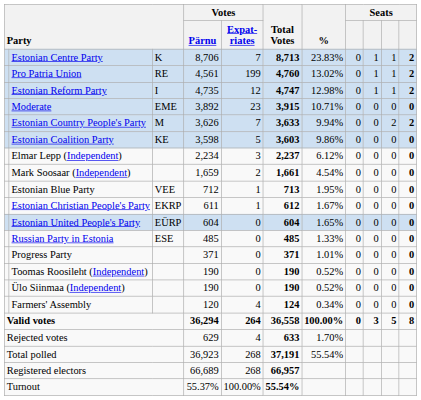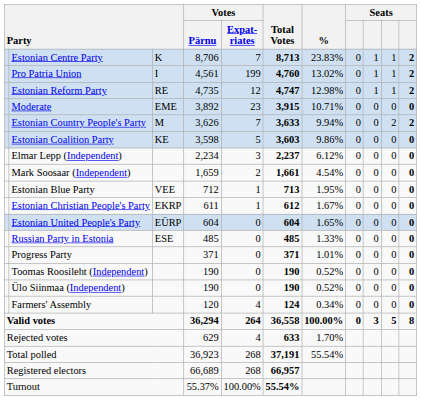 <table class="wikitable" border="1" style="text-align:right;">
 <tr>
 <th style="text-align:left;" valign=bottom rowspan=2 colspan=3>Party</th>
 <th colspan=2>Votes</th>
 <th align=center valign=bottom rowspan=2 width="50">Total Votes</th>
 <th align=center valign=bottom rowspan=2 width="50">%</th>
 <th colspan=4>Seats</th>
 </tr>
 <tr>
 <th align=center valign=bottom width="50"><a href='#'>Pärnu</a></th>
 <th align=center valign=bottom width="50"><a href='#'>Expat- riates</a></th>
 <th align=center valign=bottom width="20"><small></small></th>
 <th align=center valign=bottom width="20"><small></small></th>
 <th align=center valign=bottom width="20"><small></small></th>
 <th align=center valign=bottom width="20"><small></small></th>
 </tr>
 <tr style="background:#CEE0F2;">
 <td style="background:"></td>
 <td align=left><a href='#'>Estonian Centre Party</a></td>
 <td align=left>K</td>
 <td>8,706</td>
 <td>7</td>
 <td><strong>8,713</strong></td>
 <td>23.83%</td>
 <td>0</td>
 <td>1</td>
 <td>1</td>
 <td><strong>2</strong></td>
 </tr>
 <tr style="background:#CEE0F2;">
 <td style="background:"></td>
 <td align=left><a href='#'>Pro Patria Union</a></td>
-<td align=left>RE</td>
+<td align=left>I</td>
 <td>4,561</td>
 <td>199</td>
 <td><strong>4,760</strong></td>
 <td>13.02%</td>
 <td>0</td>
 <td>1</td>
 <td>1</td>
 <td><strong>2</strong></td>
 </tr>
 <tr style="background:#CEE0F2;">
 <td style="background:"></td>
 <td align=left><a href='#'>Estonian Reform Party</a></td>
-<td align=left>I</td>
+<td align=left>RE</td>
 <td>4,735</td>
 <td>12</td>
 <td><strong>4,747</strong></td>
 <td>12.98%</td>
 <td>0</td>
 <td>1</td>
 <td>1</td>
 <td><strong>2</strong></td>
 </tr>
 <tr style="background:#CEE0F2;">
 <td style="background:"></td>
 <td align=left><a href='#'>Moderate</a></td>
 <td align=left>EME</td>
 <td>3,892</td>
 <td>23</td>
 <td><strong>3,915</strong></td>
 <td>10.71%</td>
 <td>0</td>
 <td>0</td>
 <td>0</td>
 <td><strong>0</strong></td>
 </tr>
 <tr style="background:#CEE0F2;">
 <td style="background:"></td>
 <td align=left><a href='#'>Estonian Country People's Party</a></td>
 <td align=left>M</td>
 <td>3,626</td>
 <td>7</td>
 <td><strong>3,633</strong></td>
 <td>9.94%</td>
 <td>0</td>
 <td>0</td>
 <td>2</td>
 <td><strong>2</strong></td>
 </tr>
 <tr style="background:#CEE0F2;">
 <td style="background:"></td>
 <td align=left><a href='#'>Estonian Coalition Party</a></td>
 <td align=left>KE</td>
 <td>3,598</td>
 <td>5</td>
 <td><strong>3,603</strong></td>
 <td>9.86%</td>
 <td>0</td>
 <td>0</td>
 <td>0</td>
 <td><strong>0</strong></td>
 </tr>
 <tr>
 <td style="background:"></td>
 <td align=left>Elmar Lepp (<a href='#'>Independent</a>)</td>
 <td></td>
 <td>2,234</td>
 <td>3</td>
 <td><strong>2,237</strong></td>
 <td>6.12%</td>
 <td>0</td>
 <td>0</td>
 <td>0</td>
 <td><strong>0</strong></td>
 </tr>
 <tr>
 <td style="background:"></td>
 <td align=left>Mark Soosaar (<a href='#'>Independent</a>)</td>
 <td></td>
 <td>1,659</td>
 <td>2</td>
 <td><strong>1,661</strong></td>
 <td>4.54%</td>
 <td>0</td>
 <td>0</td>
 <td>0</td>
 <td><strong>0</strong></td>
 </tr>
 <tr>
 <td></td>
 <td align=left>Estonian Blue Party</td>
 <td align=left>VEE</td>
 <td>712</td>
 <td>1</td>
 <td><strong>713</strong></td>
 <td>1.95%</td>
 <td>0</td>
 <td>0</td>
 <td>0</td>
 <td><strong>0</strong></td>
 </tr>
 <tr>
 <td style="background:"></td>
 <td align=left><a href='#'>Estonian Christian People's Party</a></td>
 <td align=left>EKRP</td>
 <td>611</td>
 <td>1</td>
 <td><strong>612</strong></td>
 <td>1.67%</td>
 <td>0</td>
 <td>0</td>
 <td>0</td>
 <td><strong>0</strong></td>
 </tr>
 <tr style="background:#CEE0F2;">
 <td style="background:"></td>
 <td align=left><a href='#'>Estonian United People's Party</a></td>
 <td align=left>EÜRP</td>
 <td>604</td>
 <td>0</td>
 <td><strong>604</strong></td>
 <td>1.65%</td>
 <td>0</td>
 <td>0</td>
 <td>0</td>
 <td><strong>0</strong></td>
 </tr>
 <tr>
 <td></td>
 <td align=left><a href='#'>Russian Party in Estonia</a></td>
 <td align=left>ESE</td>
 <td>485</td>
 <td>0</td>
 <td><strong>485</strong></td>
 <td>1.33%</td>
 <td>0</td>
 <td>0</td>
 <td>0</td>
 <td><strong>0</strong></td>
 </tr>
 <tr>
 <td></td>
 <td align=left>Progress Party</td>
 <td></td>
 <td>371</td>
 <td>0</td>
 <td><strong>371</strong></td>
 <td>1.01%</td>
 <td>0</td>
 <td>0</td>
 <td>0</td>
 <td><strong>0</strong></td>
 </tr>
 <tr>
 <td style="background:"></td>
 <td align=left>Toomas Roosileht (<a href='#'>Independent</a>)</td>
 <td></td>
 <td>190</td>
 <td>0</td>
 <td><strong>190</strong></td>
 <td>0.52%</td>
 <td>0</td>
 <td>0</td>
 <td>0</td>
 <td><strong>0</strong></td>
 </tr>
 <tr>
 <td style="background:"></td>
 <td align=left>Ülo Siinmaa (<a href='#'>Independent</a>)</td>
 <td></td>
 <td>190</td>
 <td>0</td>
 <td><strong>190</strong></td>
 <td>0.52%</td>
 <td>0</td>
 <td>0</td>
 <td>0</td>
 <td><strong>0</strong></td>
 </tr>
 <tr>
 <td></td>
 <td align=left>Farmers' Assembly</td>
 <td></td>
 <td>120</td>
 <td>4</td>
 <td><strong>124</strong></td>
 <td>0.34%</td>
 <td>0</td>
 <td>0</td>
 <td>0</td>
 <td><strong>0</strong></td>
 </tr>
 <tr style="font-weight:bold">
 <td align=left colspan=3>Valid votes</td>
 <td>36,294</td>
 <td>264</td>
 <td>36,558</td>
 <td>100.00%</td>
 <td>0</td>
 <td>3</td>
 <td>5</td>
 <td>8</td>
 </tr>
 <tr>
 <td align=left colspan=3>Rejected votes</td>
 <td>629</td>
 <td>4</td>
 <td><strong>633</strong></td>
 <td>1.70%</td>
 <td></td>
 <td></td>
 <td></td>
 <td></td>
 </tr>
 <tr>
 <td align=left colspan=3>Total polled</td>
 <td>36,923</td>
 <td>268</td>
 <td><strong>37,191</strong></td>
 <td>55.54%</td>
 <td></td>
 <td></td>
 <td></td>
 <td></td>
 </tr>
 <tr>
 <td align=left colspan=3>Registered electors</td>
 <td>66,689</td>
 <td>268</td>
 <td><strong>66,957</strong></td>
 <td></td>
 <td></td>
 <td></td>
 <td></td>
 <td></td>
 </tr>
 <tr>
 <td align=left colspan=3>Turnout</td>
 <td>55.37%</td>
 <td>100.00%</td>
 <td><strong>55.54%</strong></td>
 <td></td>
 <td></td>
 <td></td>
 <td></td>
 <td></td>
 </tr>
 </table>
